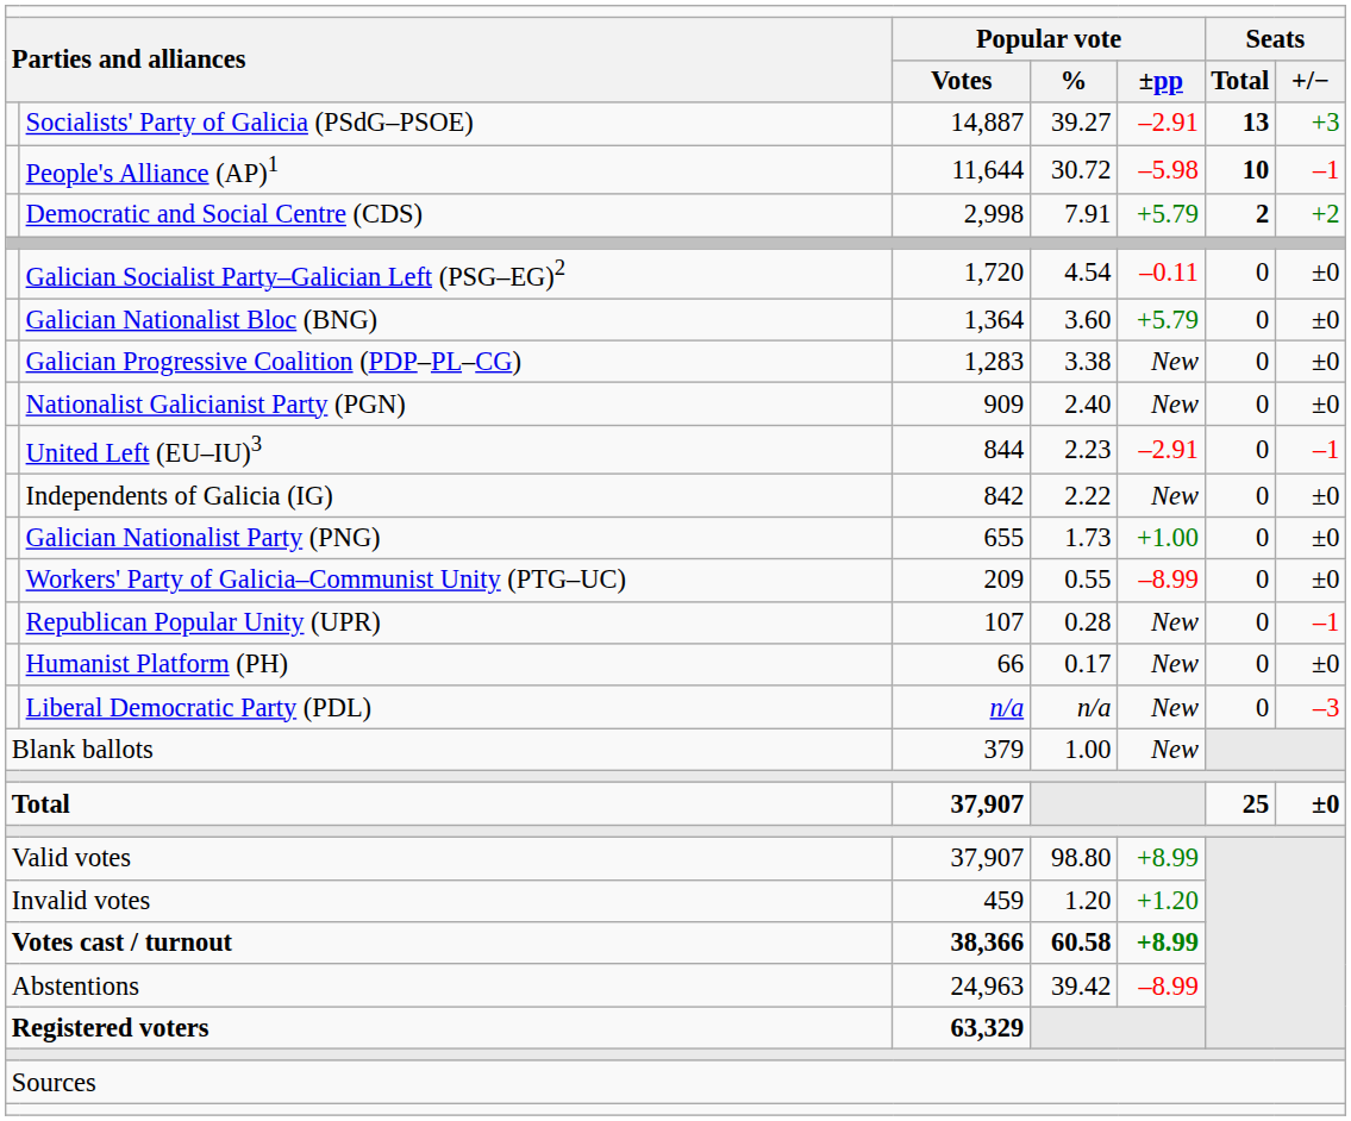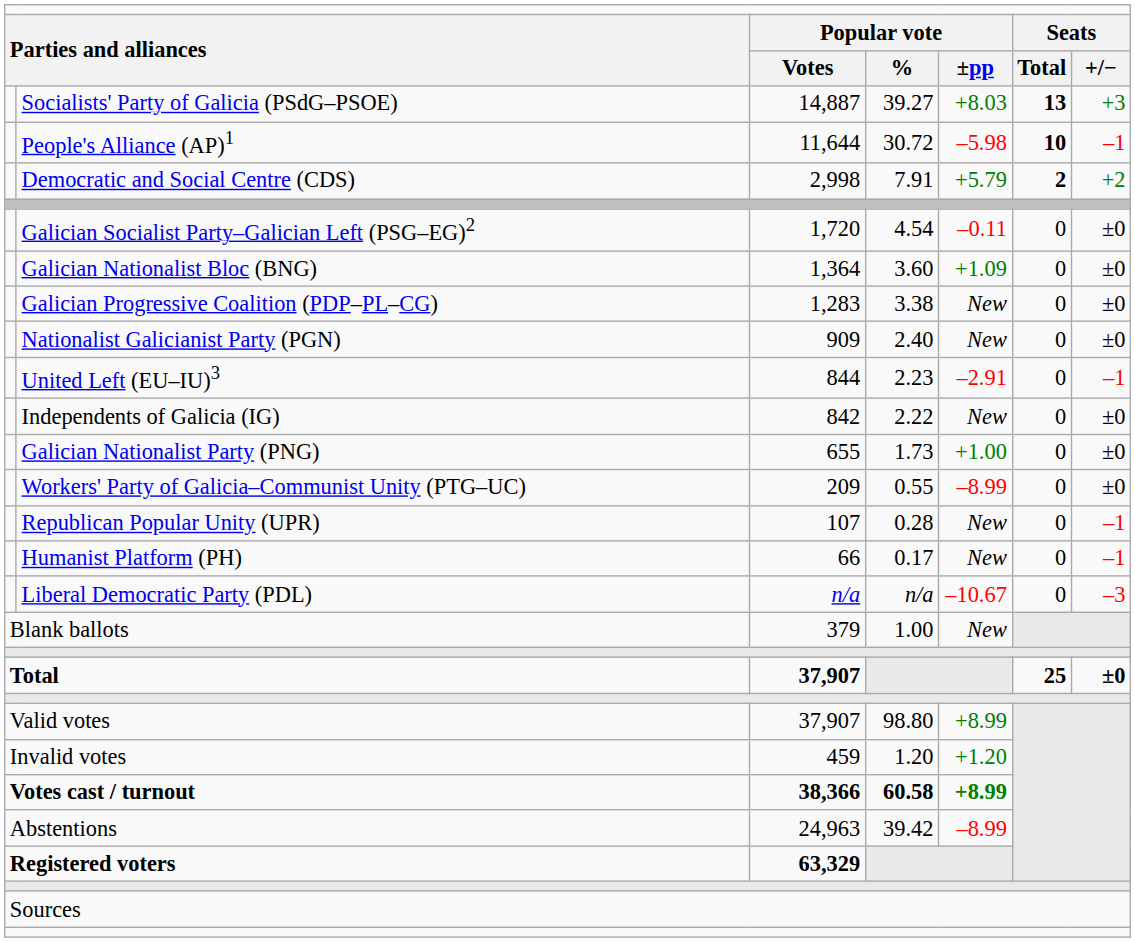 <table class="wikitable" style="text-align:right;">
 <tr>
 <td colspan="7"></td>
 </tr>
 <tr>
 <th style="text-align:left;" rowspan="2" colspan="2" width="525">Parties and alliances</th>
 <th colspan="3">Popular vote</th>
 <th colspan="2">Seats</th>
 </tr>
 <tr>
 <th width="75">Votes</th>
 <th width="45">%</th>
 <th width="45">±<a href='#'>pp</a></th>
 <th width="35">Total</th>
 <th width="35">+/−</th>
 </tr>
 <tr>
 <td width="1" style="color:inherit;background:"></td>
 <td align="left"><a href='#'>Socialists' Party of Galicia</a> (PSdG–PSOE)</td>
 <td>14,887</td>
 <td>39.27</td>
-<td style="color:red;">–2.91</td>
+<td style="color:green;">+8.03</td>
 <td><strong>13</strong></td>
 <td style="color:green;">+3</td>
 </tr>
 <tr>
 <td style="color:inherit;background:"></td>
 <td align="left"><a href='#'>People's Alliance</a> (AP)<sup>1</sup></td>
 <td>11,644</td>
 <td>30.72</td>
 <td style="color:red;">–5.98</td>
 <td><strong>10</strong></td>
 <td style="color:red;">–1</td>
 </tr>
 <tr>
 <td style="color:inherit;background:"></td>
 <td align="left"><a href='#'>Democratic and Social Centre</a> (CDS)</td>
 <td>2,998</td>
 <td>7.91</td>
 <td style="color:green;">+5.79</td>
 <td><strong>2</strong></td>
 <td style="color:green;">+2</td>
 </tr>
 <tr>
 <td colspan="7" style="color:inherit;background:#C0C0C0"></td>
 </tr>
 <tr>
 <td style="color:inherit;background:"></td>
 <td align="left"><a href='#'>Galician Socialist Party–Galician Left</a> (PSG–EG)<sup>2</sup></td>
 <td>1,720</td>
 <td>4.54</td>
 <td style="color:red;">–0.11</td>
 <td>0</td>
 <td>±0</td>
 </tr>
 <tr>
 <td style="color:inherit;background:"></td>
 <td align="left"><a href='#'>Galician Nationalist Bloc</a> (BNG)</td>
 <td>1,364</td>
 <td>3.60</td>
-<td style="color:green;">+5.79</td>
+<td style="color:green;">+1.09</td>
 <td>0</td>
 <td>±0</td>
 </tr>
 <tr>
 <td style="color:inherit;background:"></td>
 <td align="left"><a href='#'>Galician Progressive Coalition</a> (<a href='#'>PDP</a>–<a href='#'>PL</a>–<a href='#'>CG</a>)</td>
 <td>1,283</td>
 <td>3.38</td>
 <td><em>New</em></td>
 <td>0</td>
 <td>±0</td>
 </tr>
 <tr>
 <td style="color:inherit;background:"></td>
 <td align="left"><a href='#'>Nationalist Galicianist Party</a> (PGN)</td>
 <td>909</td>
 <td>2.40</td>
 <td><em>New</em></td>
 <td>0</td>
 <td>±0</td>
 </tr>
 <tr>
 <td style="color:inherit;background:"></td>
 <td align="left"><a href='#'>United Left</a> (EU–IU)<sup>3</sup></td>
 <td>844</td>
 <td>2.23</td>
 <td style="color:red;">–2.91</td>
 <td>0</td>
 <td style="color:red;">–1</td>
 </tr>
 <tr>
 <td style="color:inherit;background:"></td>
 <td align="left">Independents of Galicia (IG)</td>
 <td>842</td>
 <td>2.22</td>
 <td><em>New</em></td>
 <td>0</td>
 <td>±0</td>
 </tr>
 <tr>
 <td style="color:inherit;background:"></td>
 <td align="left"><a href='#'>Galician Nationalist Party</a> (PNG)</td>
 <td>655</td>
 <td>1.73</td>
 <td style="color:green;">+1.00</td>
 <td>0</td>
 <td>±0</td>
 </tr>
 <tr>
 <td style="color:inherit;background:"></td>
 <td align="left"><a href='#'>Workers' Party of Galicia–Communist Unity</a> (PTG–UC)</td>
 <td>209</td>
 <td>0.55</td>
 <td style="color:red;">–8.99</td>
 <td>0</td>
 <td>±0</td>
 </tr>
 <tr>
 <td style="color:inherit;background:"></td>
 <td align="left"><a href='#'>Republican Popular Unity</a> (UPR)</td>
 <td>107</td>
 <td>0.28</td>
 <td><em>New</em></td>
 <td>0</td>
 <td style="color:red;">–1</td>
 </tr>
 <tr>
 <td style="color:inherit;background:"></td>
 <td align="left"><a href='#'>Humanist Platform</a> (PH)</td>
 <td>66</td>
 <td>0.17</td>
 <td><em>New</em></td>
 <td>0</td>
-<td>±0</td>
+<td style="color:red;">–1</td>
 </tr>
 <tr>
 <td style="color:inherit;background:"></td>
 <td align="left"><a href='#'>Liberal Democratic Party</a> (PDL)</td>
 <td><em><a href='#'>n/a</a></em></td>
 <td><em>n/a</em></td>
-<td><em>New</em></td>
+<td style="color:red;">–10.67</td>
 <td>0</td>
 <td style="color:red;">–3</td>
 </tr>
 <tr>
 <td align="left" colspan="2">Blank ballots</td>
 <td>379</td>
 <td>1.00</td>
 <td><em>New</em></td>
 <td style="color:inherit;background:#E9E9E9" colspan="2"></td>
 </tr>
 <tr>
 <td colspan="7" style="color:inherit;background:#E9E9E9"></td>
 </tr>
 <tr style="font-weight:bold;">
 <td align="left" colspan="2">Total</td>
 <td>37,907</td>
 <td bgcolor="#E9E9E9" colspan="2"></td>
 <td>25</td>
 <td>±0</td>
 </tr>
 <tr>
 <td colspan="7" style="color:inherit;background:#E9E9E9"></td>
 </tr>
 <tr>
 <td align="left" colspan="2">Valid votes</td>
 <td>37,907</td>
 <td>98.80</td>
 <td style="color:green;">+8.99</td>
 <td bgcolor="#E9E9E9" colspan="2" rowspan="5"></td>
 </tr>
 <tr>
 <td align="left" colspan="2">Invalid votes</td>
 <td>459</td>
 <td>1.20</td>
 <td style="color:green;">+1.20</td>
 </tr>
 <tr style="font-weight:bold;">
 <td align="left" colspan="2">Votes cast / turnout</td>
 <td>38,366</td>
 <td>60.58</td>
 <td style="color:green;">+8.99</td>
 </tr>
 <tr>
 <td align="left" colspan="2">Abstentions</td>
 <td>24,963</td>
 <td>39.42</td>
 <td style="color:red;">–8.99</td>
 </tr>
 <tr style="font-weight:bold;">
 <td align="left" colspan="2">Registered voters</td>
 <td>63,329</td>
 <td bgcolor="#E9E9E9" colspan="2"></td>
 </tr>
 <tr>
 <td colspan="7" style="color:inherit;background:#E9E9E9"></td>
 </tr>
 <tr>
 <td align="left" colspan="7">Sources</td>
 </tr>
 <tr>
 <td colspan="7" style="text-align:left; max-width:790px;"></td>
 </tr>
 </table>
